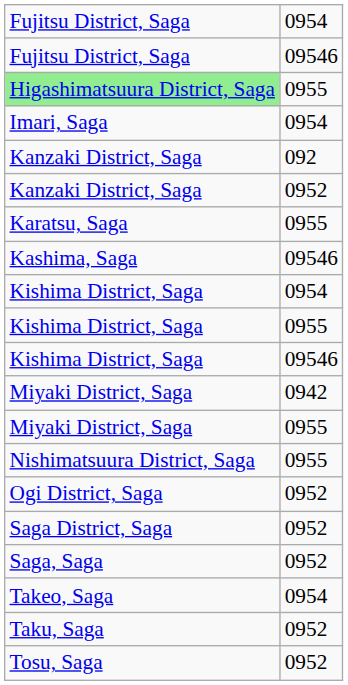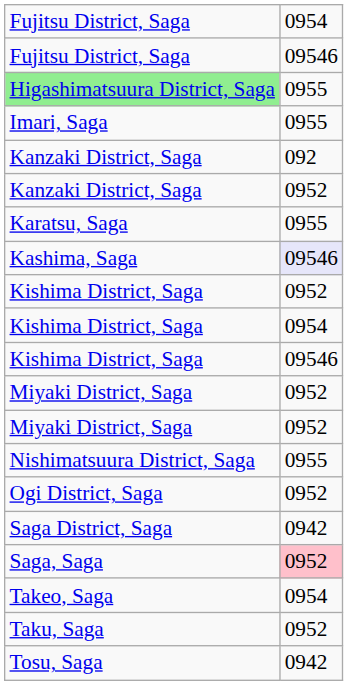 <table class="wikitable">
 <tr>
 <td><a href='#'>Fujitsu District, Saga</a></td>
 <td>0954</td>
 </tr>
 <tr>
 <td><a href='#'>Fujitsu District, Saga</a></td>
 <td>09546</td>
 </tr>
 <tr>
 <td style="background: lightgreen;"><a href='#'>Higashimatsuura District, Saga</a></td>
 <td>0955</td>
 </tr>
 <tr>
 <td><a href='#'>Imari, Saga</a></td>
-<td>0954</td>
+<td>0955</td>
 </tr>
 <tr>
 <td><a href='#'>Kanzaki District, Saga</a></td>
 <td>092</td>
 </tr>
 <tr>
 <td><a href='#'>Kanzaki District, Saga</a></td>
 <td>0952</td>
 </tr>
 <tr>
 <td><a href='#'>Karatsu, Saga</a></td>
 <td>0955</td>
 </tr>
 <tr>
 <td><a href='#'>Kashima, Saga</a></td>
-<td>09546</td>
+<td style="background: lavender;">09546</td>
+</tr>
+<tr>
+<td><a href='#'>Kishima District, Saga</a></td>
+<td>0952</td>
 </tr>
 <tr>
 <td><a href='#'>Kishima District, Saga</a></td>
 <td>0954</td>
 </tr>
 <tr>
 <td><a href='#'>Kishima District, Saga</a></td>
-<td>0955</td>
-</tr>
-<tr>
-<td><a href='#'>Kishima District, Saga</a></td>
 <td>09546</td>
 </tr>
 <tr>
 <td><a href='#'>Miyaki District, Saga</a></td>
-<td>0942</td>
+<td>0952</td>
 </tr>
 <tr>
 <td><a href='#'>Miyaki District, Saga</a></td>
-<td>0955</td>
+<td>0952</td>
 </tr>
 <tr>
 <td><a href='#'>Nishimatsuura District, Saga</a></td>
 <td>0955</td>
 </tr>
 <tr>
 <td><a href='#'>Ogi District, Saga</a></td>
 <td>0952</td>
 </tr>
 <tr>
 <td><a href='#'>Saga District, Saga</a></td>
-<td>0952</td>
+<td>0942</td>
 </tr>
 <tr>
 <td><a href='#'>Saga, Saga</a></td>
-<td>0952</td>
+<td style="background: pink;">0952</td>
 </tr>
 <tr>
 <td><a href='#'>Takeo, Saga</a></td>
 <td>0954</td>
 </tr>
 <tr>
 <td><a href='#'>Taku, Saga</a></td>
 <td>0952</td>
 </tr>
 <tr>
 <td><a href='#'>Tosu, Saga</a></td>
-<td>0952</td>
+<td>0942</td>
 </tr>
 </table>
